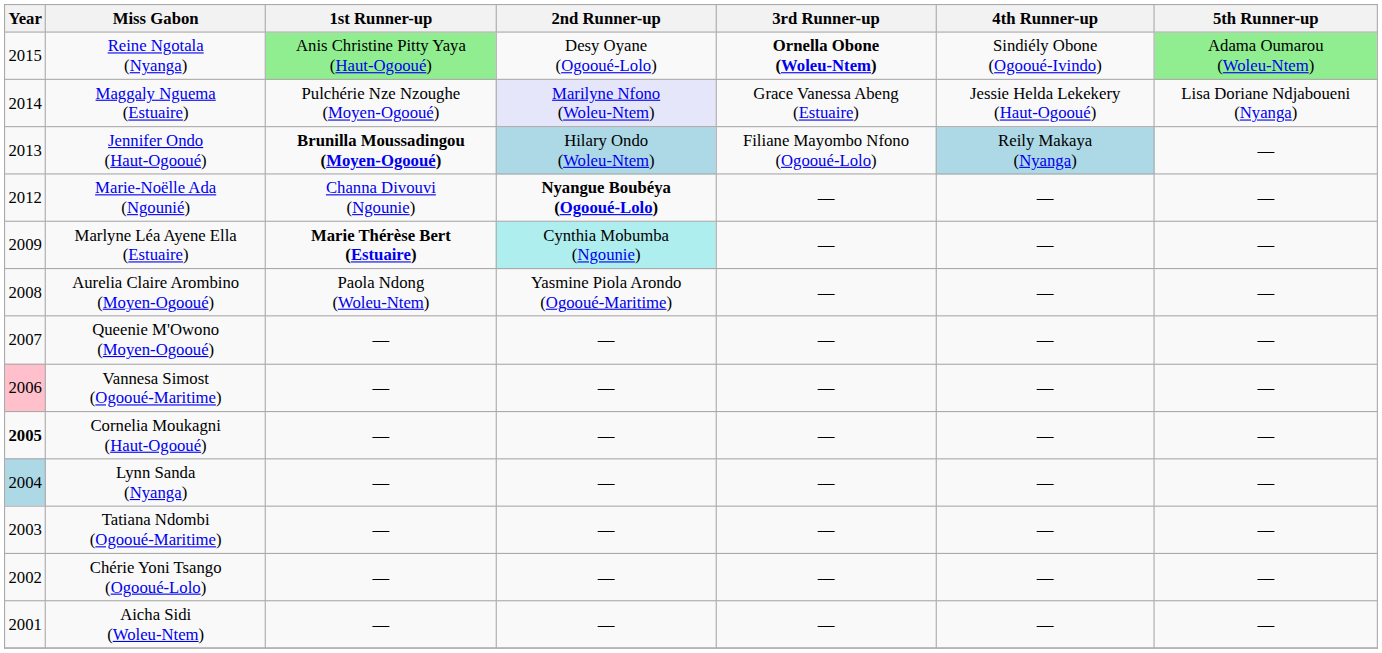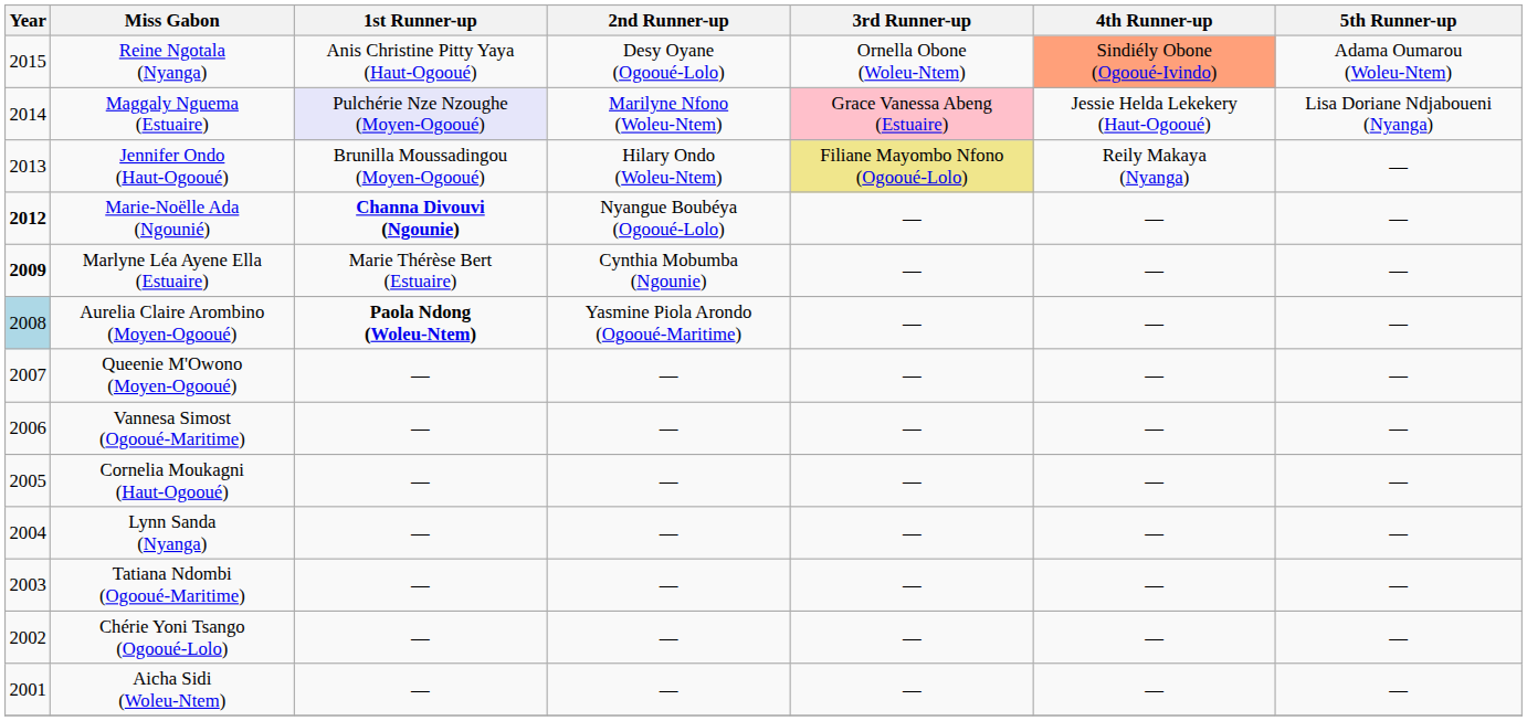 <table class="wikitable sortable" style="font-size:95%; text-align:center;">
 <tr>
 <th !width="60">Year</th>
 <th width="250">Miss Gabon</th>
 <th width="250">1st Runner-up</th>
 <th width="250">2nd Runner-up</th>
 <th width="250">3rd Runner-up</th>
 <th width="250">4th Runner-up</th>
 <th width="250">5th Runner-up</th>
 </tr>
 <tr>
 <td>2015</td>
 <td><a href='#'>Reine Ngotala</a><br>(<a href='#'>Nyanga</a>)</td>
-<td style="background: lightgreen;">Anis Christine Pitty Yaya<br>(<a href='#'>Haut-Ogooué</a>)</td>
+<td>Anis Christine Pitty Yaya<br>(<a href='#'>Haut-Ogooué</a>)</td>
 <td>Desy Oyane<br>(<a href='#'>Ogooué-Lolo</a>)</td>
-<td><strong>Ornella Obone<br>(<a href='#'>Woleu-Ntem</a>)</strong></td>
-<td>Sindiély Obone<br>(<a href='#'>Ogooué-Ivindo</a>)</td>
-<td style="background: lightgreen;">Adama Oumarou<br>(<a href='#'>Woleu-Ntem</a>)</td>
+<td>Ornella Obone<br>(<a href='#'>Woleu-Ntem</a>)</td>
+<td style="background: lightsalmon;">Sindiély Obone<br>(<a href='#'>Ogooué-Ivindo</a>)</td>
+<td>Adama Oumarou<br>(<a href='#'>Woleu-Ntem</a>)</td>
 </tr>
 <tr>
 <td>2014</td>
 <td><a href='#'>Maggaly Nguema</a><br>(<a href='#'>Estuaire</a>)</td>
-<td>Pulchérie Nze Nzoughe<br>(<a href='#'>Moyen-Ogooué</a>)</td>
-<td style="background: lavender;"><a href='#'>Marilyne Nfono</a><br>(<a href='#'>Woleu-Ntem</a>)</td>
-<td>Grace Vanessa Abeng<br>(<a href='#'>Estuaire</a>)</td>
+<td style="background: lavender;">Pulchérie Nze Nzoughe<br>(<a href='#'>Moyen-Ogooué</a>)</td>
+<td><a href='#'>Marilyne Nfono</a><br>(<a href='#'>Woleu-Ntem</a>)</td>
+<td style="background: pink;">Grace Vanessa Abeng<br>(<a href='#'>Estuaire</a>)</td>
 <td>Jessie Helda Lekekery<br>(<a href='#'>Haut-Ogooué</a>)</td>
 <td>Lisa Doriane Ndjaboueni<br>(<a href='#'>Nyanga</a>)</td>
 </tr>
 <tr>
 <td>2013</td>
 <td><a href='#'>Jennifer Ondo</a><br>(<a href='#'>Haut-Ogooué</a>)</td>
-<td><strong>Brunilla Moussadingou<br>(<a href='#'>Moyen-Ogooué</a>)</strong></td>
-<td style="background: lightblue;">Hilary Ondo<br>(<a href='#'>Woleu-Ntem</a>)</td>
-<td>Filiane Mayombo Nfono<br>(<a href='#'>Ogooué-Lolo</a>)</td>
-<td style="background: lightblue;">Reily Makaya<br>(<a href='#'>Nyanga</a>)</td>
+<td>Brunilla Moussadingou<br>(<a href='#'>Moyen-Ogooué</a>)</td>
+<td>Hilary Ondo<br>(<a href='#'>Woleu-Ntem</a>)</td>
+<td style="background: khaki;">Filiane Mayombo Nfono<br>(<a href='#'>Ogooué-Lolo</a>)</td>
+<td>Reily Makaya<br>(<a href='#'>Nyanga</a>)</td>
 <td>—</td>
 </tr>
 <tr>
-<td>2012</td>
+<td><strong>2012</strong></td>
 <td><a href='#'>Marie-Noëlle Ada</a><br>(<a href='#'>Ngounié</a>)</td>
-<td><a href='#'>Channa Divouvi</a><br>(<a href='#'>Ngounie</a>)</td>
-<td><strong>Nyangue Boubéya<br>(<a href='#'>Ogooué-Lolo</a>)</strong></td>
+<td><strong><a href='#'>Channa Divouvi</a><br>(<a href='#'>Ngounie</a>)</strong></td>
+<td>Nyangue Boubéya<br>(<a href='#'>Ogooué-Lolo</a>)</td>
 <td>—</td>
 <td>—</td>
 <td>—</td>
 </tr>
 <tr>
-<td>2009</td>
+<td><strong>2009</strong></td>
 <td>Marlyne Léa Ayene Ella<br>(<a href='#'>Estuaire</a>)</td>
-<td><strong>Marie Thérèse Bert<br>(<a href='#'>Estuaire</a>)</strong></td>
-<td style="background: paleturquoise;">Cynthia Mobumba<br>(<a href='#'>Ngounie</a>)</td>
+<td>Marie Thérèse Bert<br>(<a href='#'>Estuaire</a>)</td>
+<td>Cynthia Mobumba<br>(<a href='#'>Ngounie</a>)</td>
 <td>—</td>
 <td>—</td>
 <td>—</td>
 </tr>
 <tr>
-<td>2008</td>
+<td style="background: lightblue;">2008</td>
 <td>Aurelia Claire Arombino<br>(<a href='#'>Moyen-Ogooué</a>)</td>
-<td>Paola Ndong<br>(<a href='#'>Woleu-Ntem</a>)</td>
+<td><strong>Paola Ndong<br>(<a href='#'>Woleu-Ntem</a>)</strong></td>
 <td>Yasmine Piola Arondo<br>(<a href='#'>Ogooué-Maritime</a>)</td>
 <td>—</td>
 <td>—</td>
 <td>—</td>
 </tr>
 <tr>
 <td>2007</td>
 <td>Queenie M'Owono<br>(<a href='#'>Moyen-Ogooué</a>)</td>
 <td>—</td>
 <td>—</td>
 <td>—</td>
 <td>—</td>
 <td>—</td>
 </tr>
 <tr>
-<td style="background: pink;">2006</td>
+<td>2006</td>
 <td>Vannesa Simost<br>(<a href='#'>Ogooué-Maritime</a>)</td>
 <td>—</td>
 <td>—</td>
 <td>—</td>
 <td>—</td>
 <td>—</td>
 </tr>
 <tr>
-<td><strong>2005</strong></td>
+<td>2005</td>
 <td>Cornelia Moukagni<br>(<a href='#'>Haut-Ogooué</a>)</td>
 <td>—</td>
 <td>—</td>
 <td>—</td>
 <td>—</td>
 <td>—</td>
 </tr>
 <tr>
-<td style="background: lightblue;">2004</td>
+<td>2004</td>
 <td>Lynn Sanda<br>(<a href='#'>Nyanga</a>)</td>
 <td>—</td>
 <td>—</td>
 <td>—</td>
 <td>—</td>
 <td>—</td>
 </tr>
 <tr>
 <td>2003</td>
 <td>Tatiana Ndombi<br>(<a href='#'>Ogooué-Maritime</a>)</td>
 <td>—</td>
 <td>—</td>
 <td>—</td>
 <td>—</td>
 <td>—</td>
 </tr>
 <tr>
 <td>2002</td>
 <td>Chérie Yoni Tsango<br>(<a href='#'>Ogooué-Lolo</a>)</td>
 <td>—</td>
 <td>—</td>
 <td>—</td>
 <td>—</td>
 <td>—</td>
 </tr>
 <tr>
 <td>2001</td>
 <td>Aicha Sidi<br>(<a href='#'>Woleu-Ntem</a>)</td>
 <td>—</td>
 <td>—</td>
 <td>—</td>
 <td>—</td>
 <td>—</td>
 </tr>
 <tr>
 </tr>
 </table>
